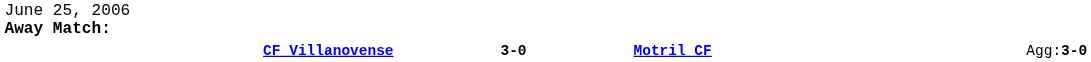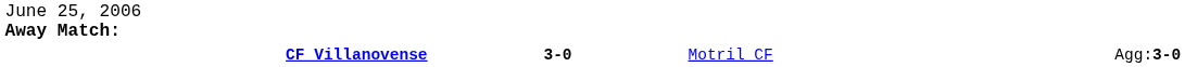 <table width=100% cellspacing=1>
 <tr>
 <th width=20%></th>
 <th width=12%></th>
 <th width=20%></th>
 <th></th>
 </tr>
 <tr>
 <td>June 25, 2006<br><strong>Away Match:</strong></td>
 </tr>
 <tr style=font-size:90%>
 <td align=right><strong><a href='#'>CF Villanovense</a></strong></td>
 <td align=center><strong>3-0</strong></td>
-<td><strong><a href='#'>Motril CF</a></strong></td>
+<td><a href='#'>Motril CF</a></td>
 <td>Agg:<strong>3-0</strong></td>
 </tr>
 </table>
